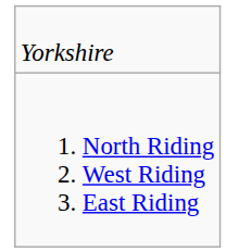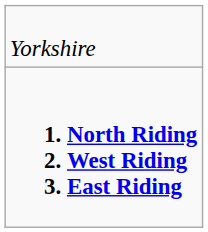 <table class="wikitable" style="float:right">
 <tr>
 <td><br><em>Yorkshire</em></td>
 </tr>
 <tr>
-<td><br><ol><li><a href='#'>North Riding</a></li><li><a href='#'>West Riding</a></li><li><a href='#'>East Riding</a></li></ol></td>
+<td><strong><br><ol><li><a href='#'>North Riding</a></li><li><a href='#'>West Riding</a></li><li><a href='#'>East Riding</a></li></ol></strong></td>
 </tr>
 </table>
